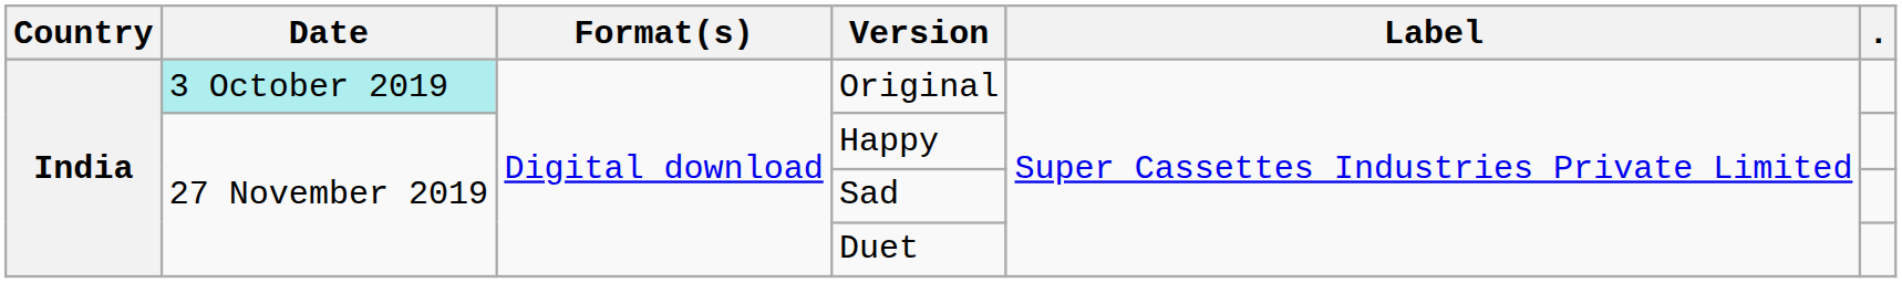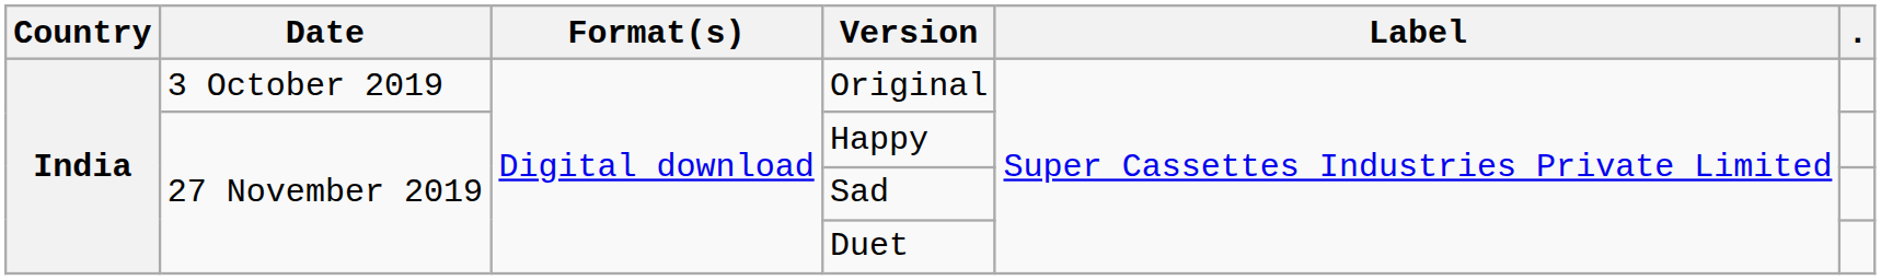 <table class="wikitable plainrowheaders">
 <tr>
 <th scope="col">Country</th>
 <th scope="col">Date</th>
 <th scope="col">Format(s)</th>
 <th>Version</th>
 <th scope="col">Label</th>
 <th scope="col">.</th>
 </tr>
 <tr>
 <th rowspan="4" scope="row">India</th>
-<td style="background: paleturquoise;">3 October 2019</td>
+<td>3 October 2019</td>
 <td rowspan="4"><a href='#'>Digital download</a></td>
 <td>Original</td>
 <td rowspan="4"><a href='#'>Super Cassettes Industries Private Limited</a></td>
 <td style="text-align:center;"></td>
 </tr>
 <tr>
 <td rowspan="3">27 November 2019</td>
 <td>Happy</td>
 <td style="text-align:center;"></td>
 </tr>
 <tr>
 <td>Sad</td>
 <td style="text-align:center;"></td>
 </tr>
 <tr>
 <td>Duet</td>
 <td style="text-align:center;"></td>
 </tr>
 </table>
